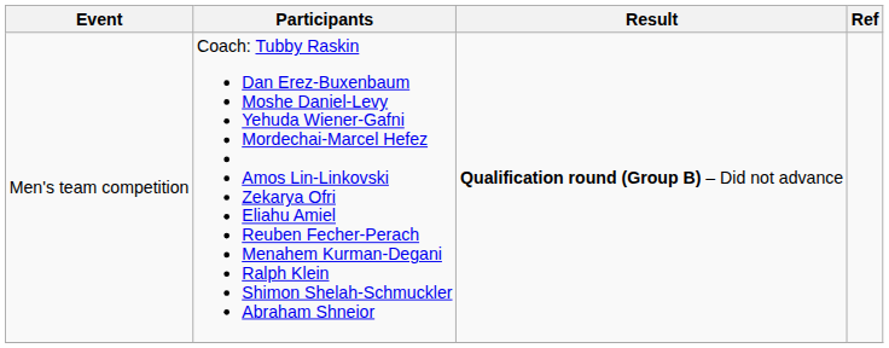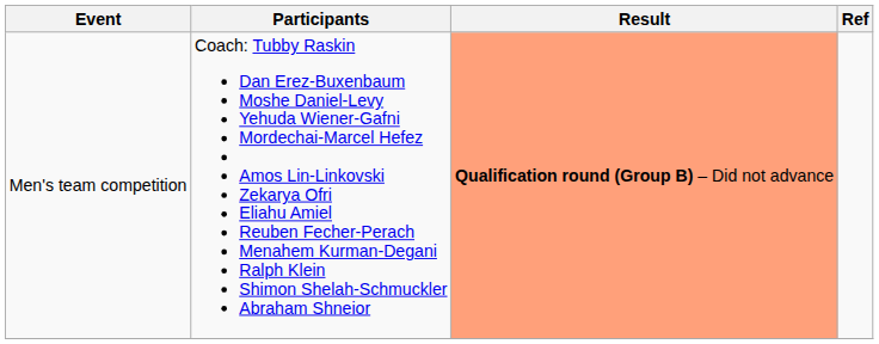 <table class="wikitable" style="font-size: 95%;">
 <tr>
 <th>Event</th>
 <th>Participants</th>
 <th>Result</th>
 <th>Ref</th>
 </tr>
 <tr>
 <td>Men's team competition</td>
 <td>Coach: <a href='#'>Tubby Raskin</a><br><ul><li><a href='#'>Dan Erez-Buxenbaum</a></li><li><a href='#'>Moshe Daniel-Levy</a></li><li><a href='#'>Yehuda Wiener-Gafni</a></li><li><a href='#'>Mordechai-Marcel Hefez</a></li><li></li><li><a href='#'>Amos Lin-Linkovski</a></li><li><a href='#'>Zekarya Ofri</a></li><li><a href='#'>Eliahu Amiel</a></li><li><a href='#'>Reuben Fecher-Perach</a></li><li><a href='#'>Menahem Kurman-Degani</a></li><li><a href='#'>Ralph Klein</a></li><li><a href='#'>Shimon Shelah-Schmuckler</a></li><li><a href='#'>Abraham Shneior</a></li></ul></td>
-<td><strong>Qualification round (Group B)</strong> – Did not advance<br><br></td>
+<td style="background: lightsalmon;"><strong>Qualification round (Group B)</strong> – Did not advance<br><br></td>
 <td></td>
 </tr>
 <tr>
 </tr>
 </table>
